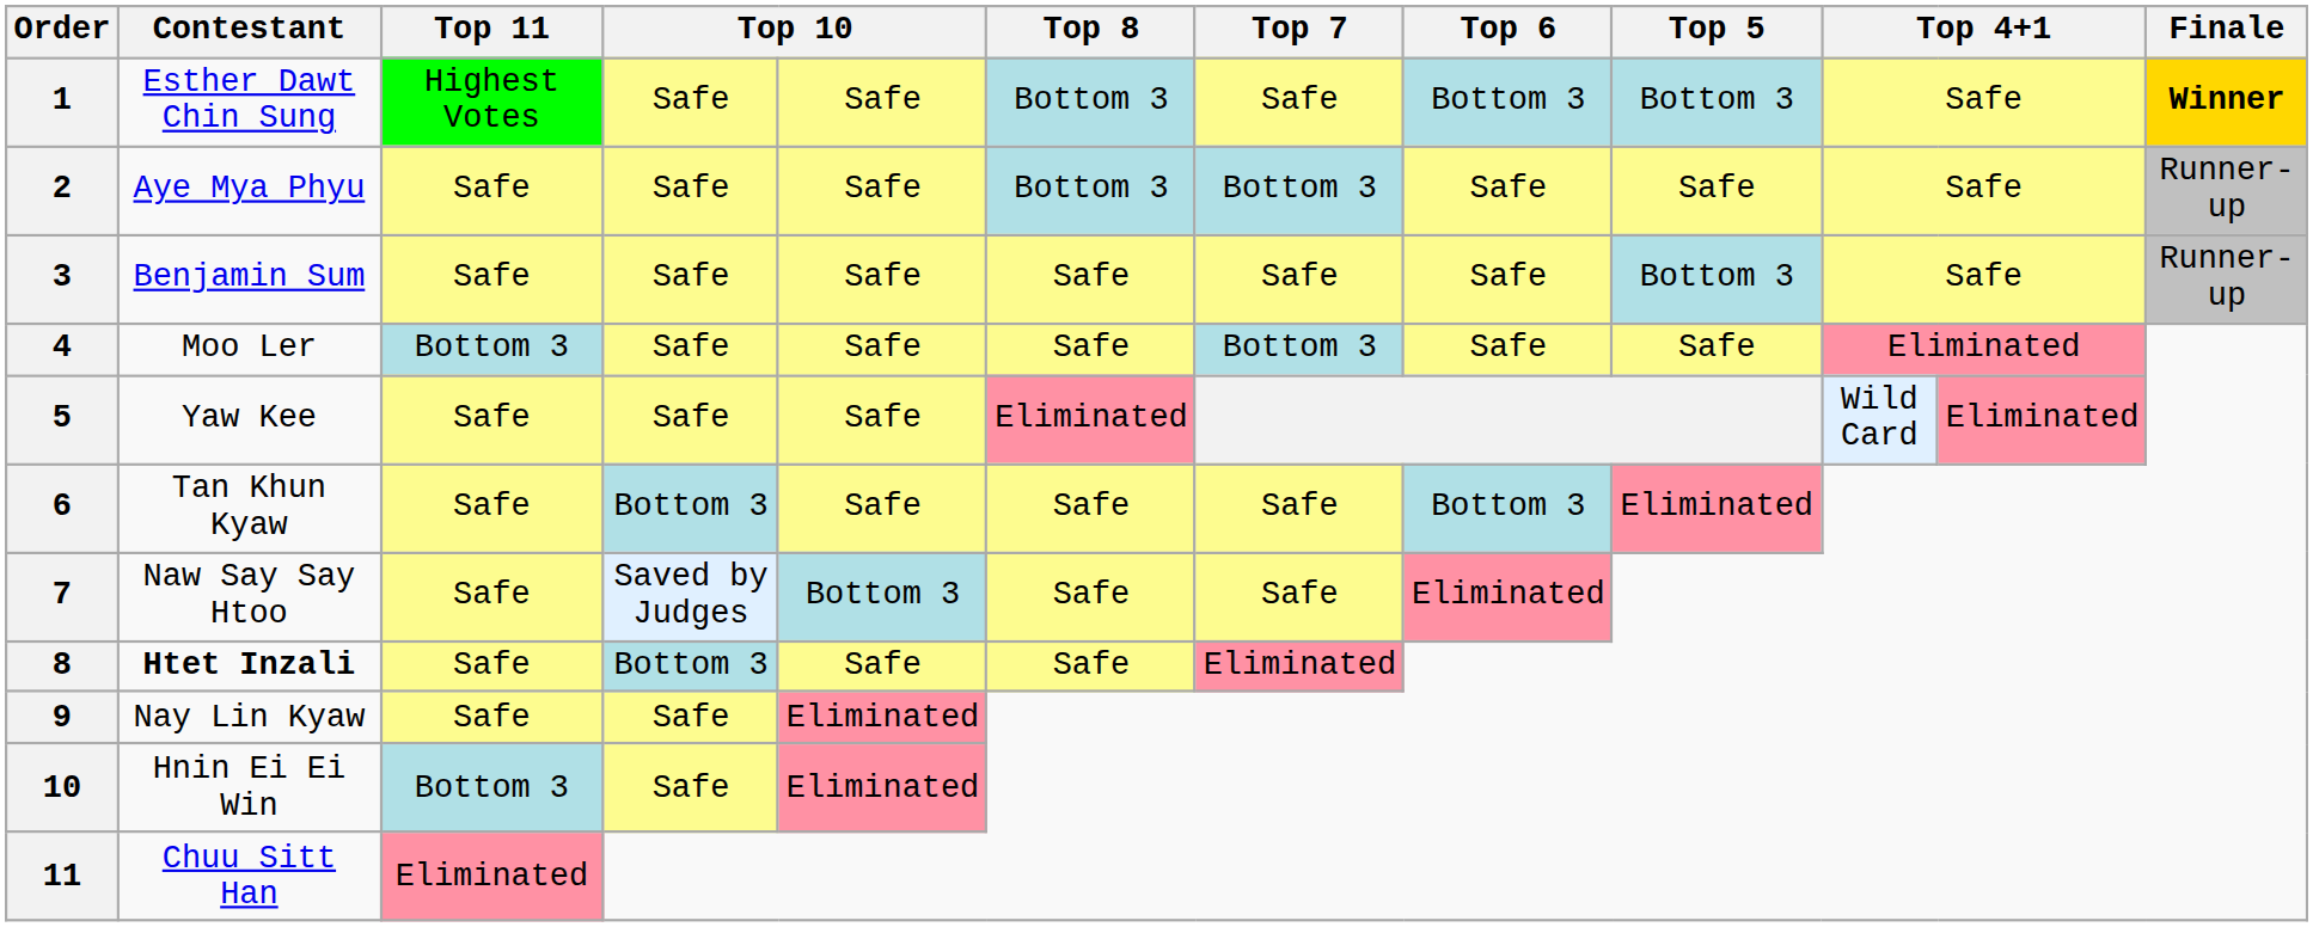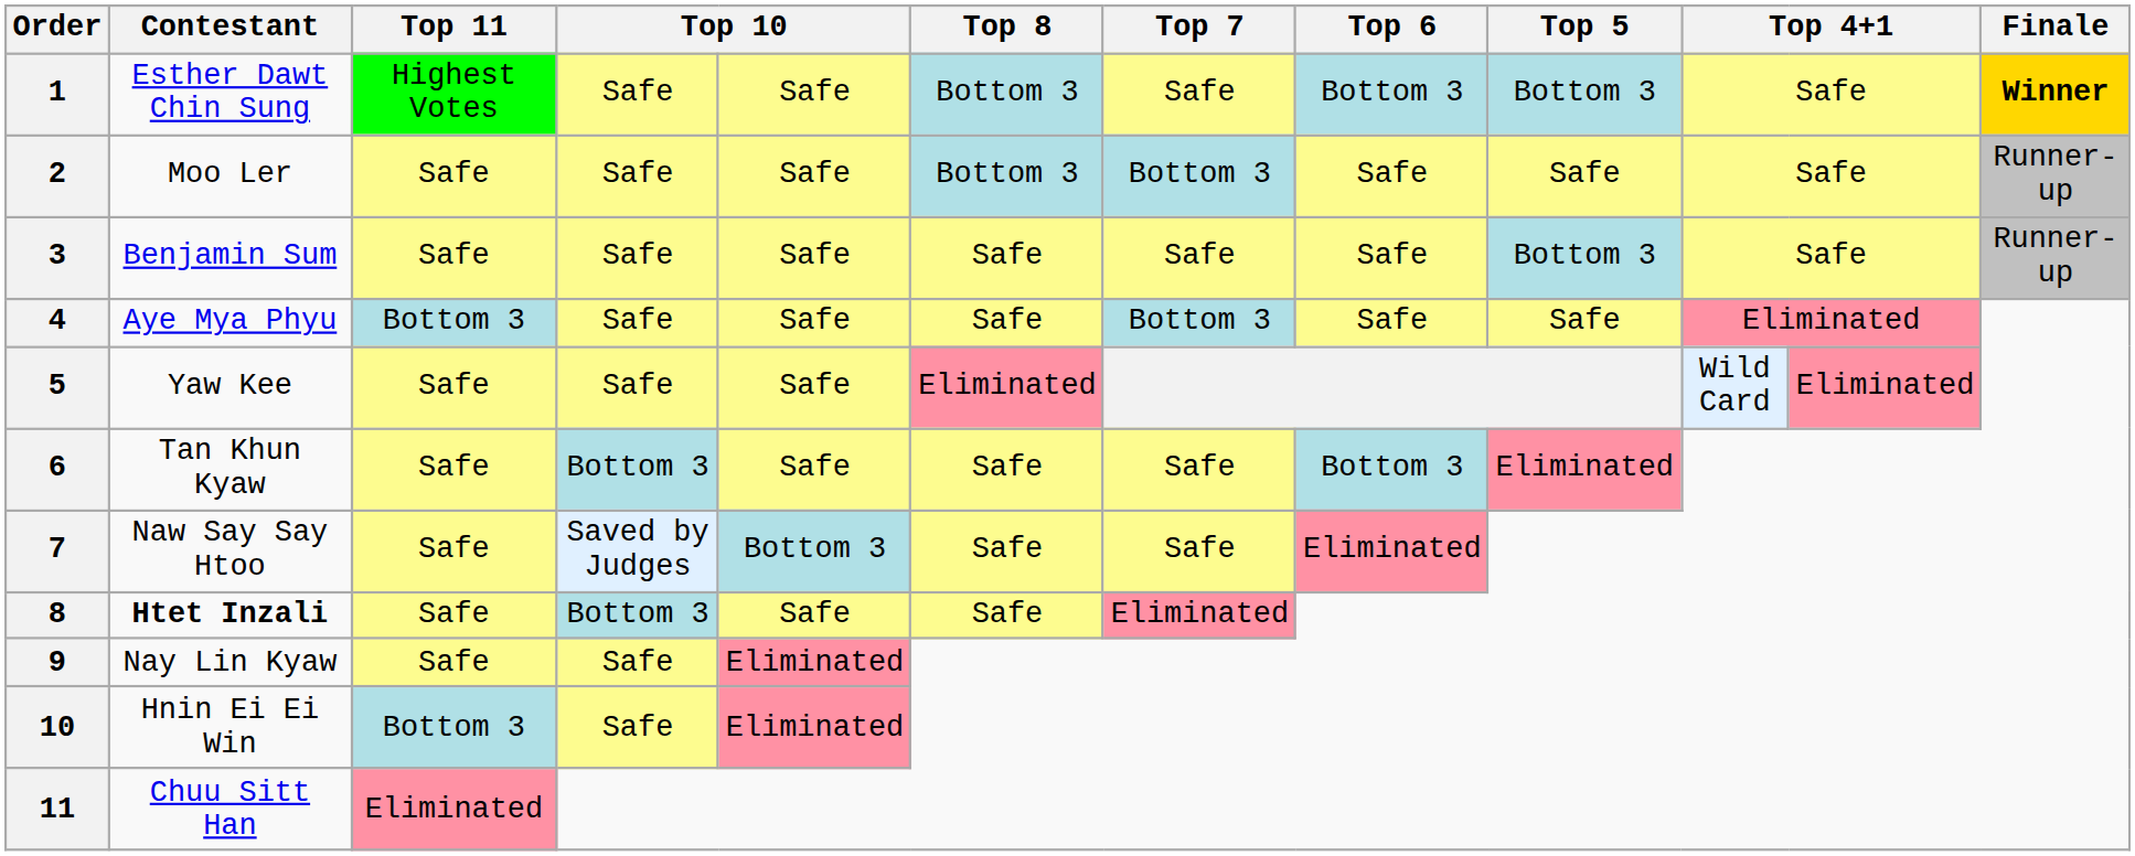 <table class="wikitable nowrap" style="text-align:center; font-size:95%; width:100%;">
 <tr>
 <th scope="col">Order</th>
 <th scope="col">Contestant</th>
 <th scope="col">Top 11</th>
 <th scope="col" colspan="2">Top 10</th>
 <th scope="col">Top 8</th>
 <th scope="col">Top 7</th>
 <th scope="col">Top 6</th>
 <th scope="col">Top 5</th>
 <th scope="col" colspan="2">Top 4+1</th>
 <th scope="col">Finale</th>
 </tr>
 <tr>
 <th>1</th>
 <td><a href='#'>Esther Dawt Chin Sung</a></td>
 <td style="background:#00FF00;">Highest Votes</td>
 <td style="background:#FDFC8F;">Safe</td>
 <td style="background:#FDFC8F;">Safe</td>
 <td style="background:#B0E0E6;">Bottom 3</td>
 <td style="background:#FDFC8F;">Safe</td>
 <td style="background:#B0E0E6;">Bottom 3</td>
 <td style="background:#B0E0E6;">Bottom 3</td>
 <td style="background:#FDFC8F;" colspan="2">Safe</td>
 <td style="background:gold;"><strong>Winner</strong></td>
 </tr>
 <tr>
 <th>2</th>
-<td><a href='#'>Aye Mya Phyu</a></td>
+<td>Moo Ler</td>
 <td style="background:#FDFC8F;">Safe</td>
 <td style="background:#FDFC8F;">Safe</td>
 <td style="background:#FDFC8F;">Safe</td>
 <td style="background:#B0E0E6;">Bottom 3</td>
 <td style="background:#B0E0E6;">Bottom 3</td>
 <td style="background:#FDFC8F;">Safe</td>
 <td style="background:#FDFC8F;">Safe</td>
 <td style="background:#FDFC8F;" colspan="2">Safe</td>
 <td style="background:silver;">Runner-up</td>
 </tr>
 <tr>
 <th>3</th>
 <td><a href='#'>Benjamin Sum</a></td>
 <td style="background:#FDFC8F;">Safe</td>
 <td style="background:#FDFC8F;">Safe</td>
 <td style="background:#FDFC8F;">Safe</td>
 <td style="background:#FDFC8F;">Safe</td>
 <td style="background:#FDFC8F;">Safe</td>
 <td style="background:#FDFC8F;">Safe</td>
 <td style="background:#B0E0E6;">Bottom 3</td>
 <td style="background:#FDFC8F;" colspan="2">Safe</td>
 <td style="background:silver;">Runner-up</td>
 </tr>
 <tr>
 <th>4</th>
-<td>Moo Ler</td>
+<td><a href='#'>Aye Mya Phyu</a></td>
 <td style="background:#B0E0E6;">Bottom 3</td>
 <td style="background:#FDFC8F;">Safe</td>
 <td style="background:#FDFC8F;">Safe</td>
 <td style="background:#FDFC8F;">Safe</td>
 <td style="background:#B0E0E6;">Bottom 3</td>
 <td style="background:#FDFC8F;">Safe</td>
 <td style="background:#FDFC8F;">Safe</td>
 <td style="background:#FF91A4;" colspan="2">Eliminated</td>
 </tr>
 <tr>
 <th>5</th>
 <td>Yaw Kee</td>
 <td style="background:#FDFC8F;">Safe</td>
 <td style="background:#FDFC8F;">Safe</td>
 <td style="background:#FDFC8F;">Safe</td>
 <td style="background:#FF91A4;">Eliminated</td>
 <th colspan="3"></th>
 <td style="background:#e0f0ff;">Wild Card</td>
 <td style="background:#FF91A4;">Eliminated</td>
 </tr>
 <tr>
 <th>6</th>
 <td>Tan Khun Kyaw</td>
 <td style="background:#FDFC8F;">Safe</td>
 <td style="background:#B0E0E6;">Bottom 3</td>
 <td style="background:#FDFC8F;">Safe</td>
 <td style="background:#FDFC8F;">Safe</td>
 <td style="background:#FDFC8F;">Safe</td>
 <td style="background:#B0E0E6;">Bottom 3</td>
 <td style="background:#FF91A4;">Eliminated</td>
 </tr>
 <tr>
 <th>7</th>
 <td>Naw Say Say Htoo</td>
 <td style="background:#FDFC8F;">Safe</td>
 <td style="background:#e0f0ff;">Saved by Judges</td>
 <td style="background:#B0E0E6;">Bottom 3</td>
 <td style="background:#FDFC8F;">Safe</td>
 <td style="background:#FDFC8F;">Safe</td>
 <td style="background:#FF91A4;">Eliminated</td>
 </tr>
 <tr>
 <th>8</th>
 <td><strong>Htet Inzali</strong></td>
 <td style="background:#FDFC8F;">Safe</td>
 <td style="background:#B0E0E6;">Bottom 3</td>
 <td style="background:#FDFC8F;">Safe</td>
 <td style="background:#FDFC8F;">Safe</td>
 <td style="background:#FF91A4;">Eliminated</td>
 </tr>
 <tr>
 <th>9</th>
 <td>Nay Lin Kyaw</td>
 <td style="background:#FDFC8F;">Safe</td>
 <td style="background:#FDFC8F;">Safe</td>
 <td style="background:#FF91A4;">Eliminated</td>
 </tr>
 <tr>
 <th>10</th>
 <td>Hnin Ei Ei Win</td>
 <td style="background:#B0E0E6;">Bottom 3</td>
 <td style="background:#FDFC8F;">Safe</td>
 <td style="background:#FF91A4;">Eliminated</td>
 </tr>
 <tr>
 <th>11</th>
 <td><a href='#'>Chuu Sitt Han</a></td>
 <td style="background:#FF91A4;">Eliminated</td>
 </tr>
 </table>
